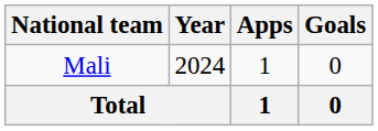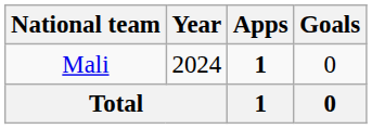 <table class="wikitable" style="text-align:center">
 <tr>
 <th>National team</th>
 <th>Year</th>
 <th>Apps</th>
 <th>Goals</th>
 </tr>
 <tr>
 <td rowspan="1"><a href='#'>Mali</a></td>
 <td>2024</td>
-<td>1</td>
+<td><strong>1</strong></td>
 <td>0</td>
 </tr>
 <tr>
 <th colspan="2">Total</th>
 <th>1</th>
 <th>0</th>
 </tr>
 </table>
